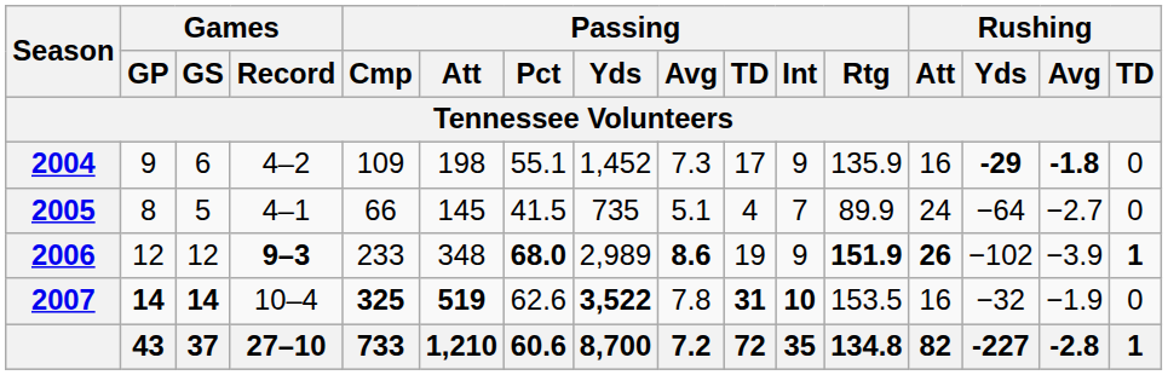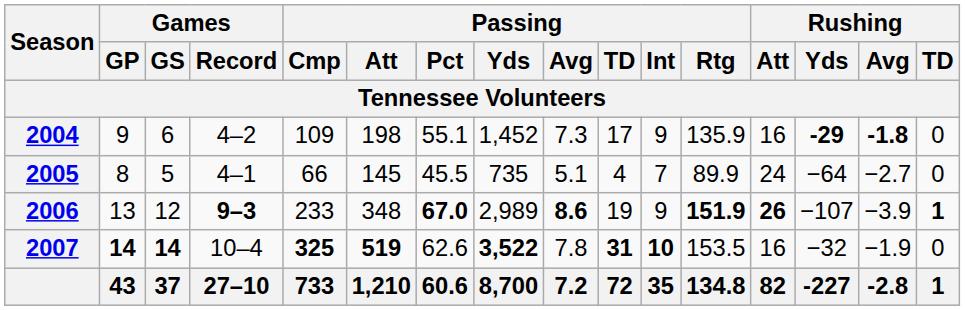 <table class="wikitable" style="text-align:center;">
 <tr>
 <th rowspan="2">Season</th>
 <th colspan="3">Games</th>
 <th colspan="8">Passing</th>
 <th colspan="5">Rushing</th>
 </tr>
 <tr>
 <th>GP</th>
 <th>GS</th>
 <th>Record</th>
 <th>Cmp</th>
 <th>Att</th>
 <th>Pct</th>
 <th>Yds</th>
 <th>Avg</th>
 <th>TD</th>
 <th>Int</th>
 <th>Rtg</th>
 <th>Att</th>
 <th>Yds</th>
 <th>Avg</th>
 <th>TD</th>
 </tr>
 <tr>
 <th colspan="16">Tennessee Volunteers</th>
 </tr>
 <tr>
 <th><a href='#'>2004</a></th>
 <td>9</td>
 <td>6</td>
 <td>4–2</td>
 <td>109</td>
 <td>198</td>
 <td>55.1</td>
 <td>1,452</td>
 <td>7.3</td>
 <td>17</td>
 <td>9</td>
 <td>135.9</td>
 <td>16</td>
 <td><strong>-29</strong></td>
 <td><strong>-1.8</strong></td>
 <td>0</td>
 </tr>
 <tr>
 <th><a href='#'>2005</a></th>
 <td>8</td>
 <td>5</td>
 <td>4–1</td>
 <td>66</td>
 <td>145</td>
-<td>41.5</td>
+<td>45.5</td>
 <td>735</td>
 <td>5.1</td>
 <td>4</td>
 <td>7</td>
 <td>89.9</td>
 <td>24</td>
 <td>−64</td>
 <td>−2.7</td>
 <td>0</td>
 </tr>
 <tr>
 <th><a href='#'>2006</a></th>
-<td>12</td>
+<td>13</td>
 <td>12</td>
 <td><strong>9–3</strong></td>
 <td>233</td>
 <td>348</td>
-<td><strong>68.0</strong></td>
+<td><strong>67.0</strong></td>
 <td>2,989</td>
 <td><strong>8.6</strong></td>
 <td>19</td>
 <td>9</td>
 <td><strong>151.9</strong></td>
 <td><strong>26</strong></td>
-<td>−102</td>
+<td>−107</td>
 <td>−3.9</td>
 <td><strong>1</strong></td>
 </tr>
 <tr>
 <th><a href='#'>2007</a></th>
 <td><strong>14</strong></td>
 <td><strong>14</strong></td>
 <td>10–4</td>
 <td><strong>325</strong></td>
 <td><strong>519</strong></td>
 <td>62.6</td>
 <td><strong>3,522</strong></td>
 <td>7.8</td>
 <td><strong>31</strong></td>
 <td><strong>10</strong></td>
 <td>153.5</td>
 <td>16</td>
 <td>−32</td>
 <td>−1.9</td>
 <td>0</td>
 </tr>
 <tr>
 <th></th>
 <th>43</th>
 <th>37</th>
 <th>27–10</th>
 <th>733</th>
 <th>1,210</th>
 <th>60.6</th>
 <th>8,700</th>
 <th>7.2</th>
 <th>72</th>
 <th>35</th>
 <th>134.8</th>
 <th>82</th>
 <th>-227</th>
 <th>-2.8</th>
 <th>1</th>
 </tr>
 </table>
